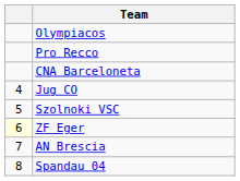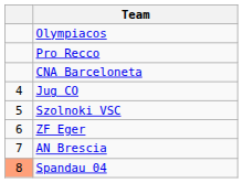 <table class="wikitable" style="text-align:center">
 <tr>
 <th width=25></th>
 <th width=220>Team</th>
 </tr>
 <tr>
 <td></td>
 <td align=left> <a href='#'>Olympiacos</a></td>
 </tr>
 <tr>
 <td></td>
 <td align=left> <a href='#'>Pro Recco</a></td>
 </tr>
 <tr>
 <td></td>
 <td align=left> <a href='#'>CNA Barceloneta</a></td>
 </tr>
 <tr>
 <td>4</td>
 <td align=left> <a href='#'>Jug CO</a></td>
 </tr>
 <tr>
 <td>5</td>
 <td align=left> <a href='#'>Szolnoki VSC</a></td>
 </tr>
 <tr>
-<td style="background: lightyellow;">6</td>
+<td>6</td>
 <td align=left> <a href='#'>ZF Eger</a></td>
 </tr>
 <tr>
 <td>7</td>
 <td align=left> <a href='#'>AN Brescia</a></td>
 </tr>
 <tr>
-<td>8</td>
+<td style="background: lightsalmon;">8</td>
 <td align=left> <a href='#'>Spandau 04</a></td>
 </tr>
 </table>
